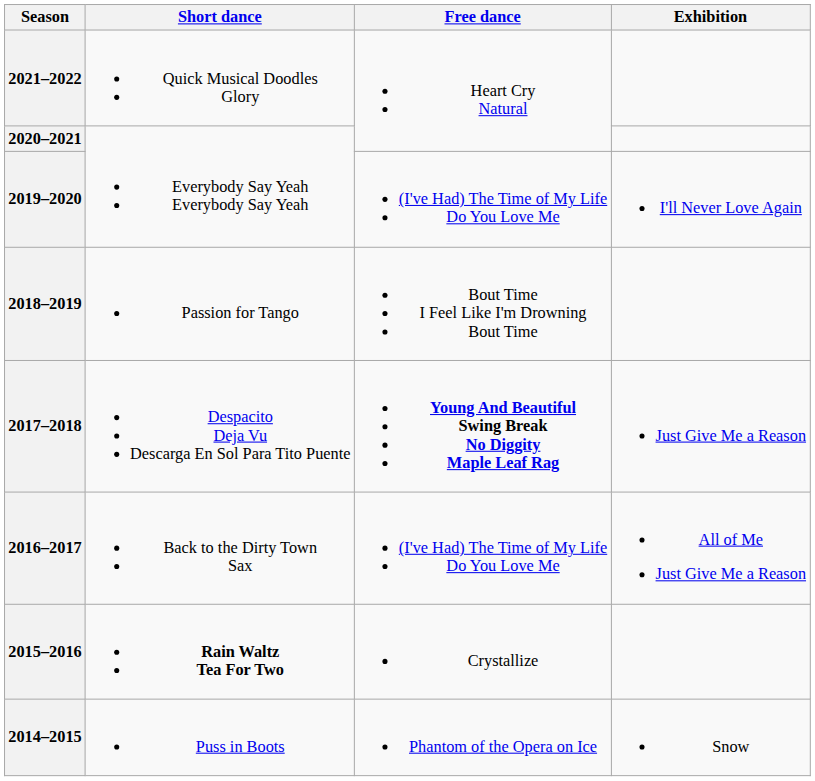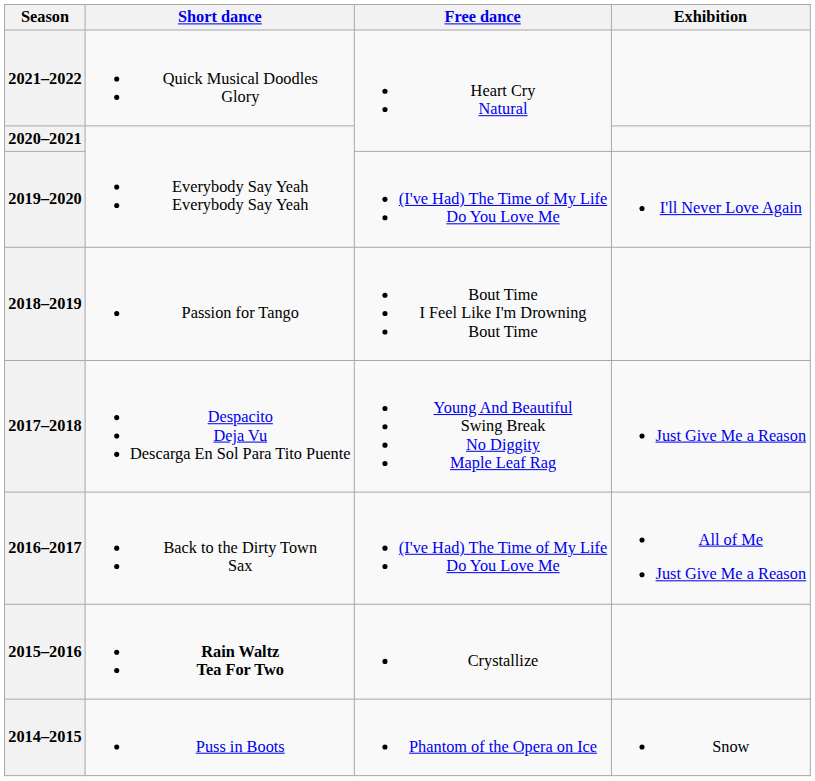 <table class=wikitable style=text-align:center>
 <tr>
 <th>Season</th>
 <th><a href='#'>Short dance</a></th>
 <th><a href='#'>Free dance</a></th>
 <th>Exhibition</th>
 </tr>
 <tr>
 <th>2021–2022 <br> </th>
 <td><br><ul><li> Quick Musical Doodles <br> </li><li> Glory <br> </li></ul></td>
 <td rowspan=2><br><ul><li>Heart Cry <br> </li><li><a href='#'>Natural</a> <br> </li></ul></td>
 <td></td>
 </tr>
 <tr>
 <th>2020–2021 <br> </th>
 <td rowspan=2><br><ul><li> Everybody Say Yeah</li><li> Everybody Say Yeah <br> </li></ul></td>
 <td></td>
 </tr>
 <tr>
 <th>2019–2020 <br> </th>
 <td><br><ul><li><a href='#'>(I've Had) The Time of My Life</a> <br> </li><li><a href='#'>Do You Love Me</a> <br> </li></ul></td>
 <td><br><ul><li><a href='#'>I'll Never Love Again</a> <br> </li></ul></td>
 </tr>
 <tr>
 <th>2018–2019 <br> </th>
 <td><br><ul><li> Passion for Tango</li></ul></td>
 <td><br><ul><li>Bout Time <br> </li><li>I Feel Like I'm Drowning <br> </li><li>Bout Time <br> </li></ul></td>
 <td></td>
 </tr>
 <tr>
 <th>2017–2018 <br> </th>
 <td><br><ul><li> <a href='#'>Despacito</a> <br></li><li> <a href='#'>Deja Vu</a> <br></li><li> Descarga En Sol Para Tito Puente <br></li></ul></td>
-<td><strong><br><ul><li><a href='#'>Young And Beautiful</a> <br></li><li>Swing Break <br></li><li><a href='#'>No Diggity</a> <br></li><li><a href='#'>Maple Leaf Rag</a> <br></li></ul></strong></td>
+<td><br><ul><li><a href='#'>Young And Beautiful</a> <br></li><li>Swing Break <br></li><li><a href='#'>No Diggity</a> <br></li><li><a href='#'>Maple Leaf Rag</a> <br></li></ul></td>
 <td><br><ul><li><a href='#'>Just Give Me a Reason</a> <br></li></ul></td>
 </tr>
 <tr>
 <th>2016–2017 <br> </th>
 <td><br><ul><li> Back to the Dirty Town <br></li><li> Sax <br></li></ul></td>
 <td><br><ul><li><a href='#'>(I've Had) The Time of My Life</a> <br> </li><li><a href='#'>Do You Love Me</a> <br> </li></ul></td>
 <td><br><ul><li><a href='#'>All of Me</a> <br> </li></ul><ul><li><a href='#'>Just Give Me a Reason</a> <br></li></ul></td>
 </tr>
 <tr>
 <th>2015–2016 <br> </th>
 <td><strong><br><ul><li> Rain Waltz <br></li><li> Tea For Two</li></ul></strong></td>
 <td><br><ul><li>Crystallize</li></ul></td>
 <td></td>
 </tr>
 <tr>
 <th>2014–2015 <br> </th>
 <td><br><ul><li> <a href='#'>Puss in Boots</a> <br></li></ul></td>
 <td><br><ul><li><a href='#'>Phantom of the Opera on Ice</a> <br></li></ul></td>
 <td><br><ul><li>Snow <br></li></ul></td>
 </tr>
 </table>
